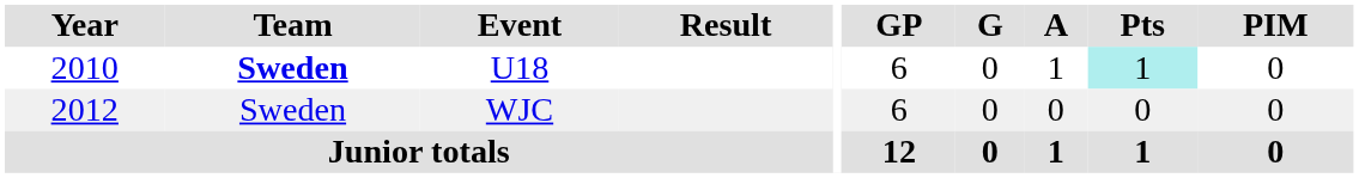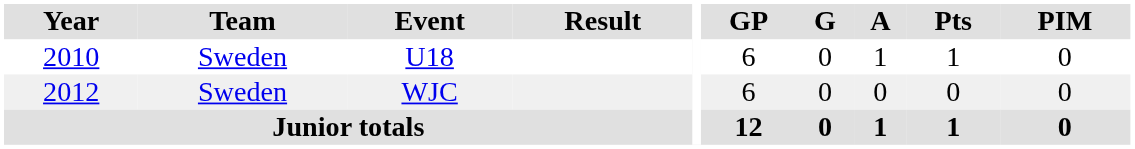 <table border="0" cellpadding="1" cellspacing="0" ID="Table3" style="text-align:center; width:40em">
 <tr bgcolor="#e0e0e0">
 <th>Year</th>
 <th>Team</th>
 <th>Event</th>
 <th>Result</th>
 <th rowspan="99" bgcolor="#ffffff"></th>
 <th>GP</th>
 <th>G</th>
 <th>A</th>
 <th>Pts</th>
 <th>PIM</th>
 </tr>
 <tr>
 <td><a href='#'>2010</a></td>
-<td><strong><a href='#'>Sweden</a></strong></td>
+<td><a href='#'>Sweden</a></td>
 <td><a href='#'>U18</a></td>
 <td></td>
 <td>6</td>
 <td>0</td>
 <td>1</td>
-<td style="background: paleturquoise;">1</td>
+<td>1</td>
 <td>0</td>
 </tr>
 <tr bgcolor="#f0f0f0">
 <td><a href='#'>2012</a></td>
 <td><a href='#'>Sweden</a></td>
 <td><a href='#'>WJC</a></td>
 <td></td>
 <td>6</td>
 <td>0</td>
 <td>0</td>
 <td>0</td>
 <td>0</td>
 </tr>
 <tr bgcolor="#e0e0e0">
 <th colspan=4>Junior totals</th>
 <th>12</th>
 <th>0</th>
 <th>1</th>
 <th>1</th>
 <th>0</th>
 </tr>
 </table>
